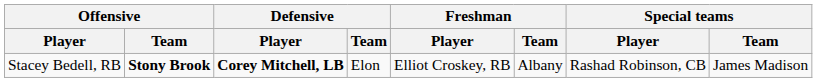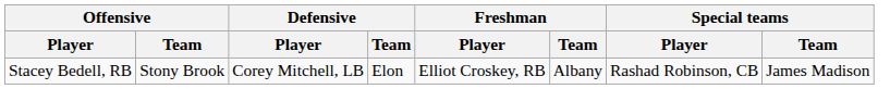 <table class="wikitable" border="1">
 <tr>
 <th colspan="2">Offensive</th>
 <th colspan="2">Defensive</th>
 <th colspan="2">Freshman</th>
 <th colspan="2">Special teams</th>
 </tr>
 <tr>
 <th>Player</th>
 <th>Team</th>
 <th>Player</th>
 <th>Team</th>
 <th>Player</th>
 <th>Team</th>
 <th>Player</th>
 <th>Team</th>
 </tr>
 <tr>
 <td>Stacey Bedell, RB</td>
-<td><strong>Stony Brook</strong></td>
-<td><strong>Corey Mitchell, LB</strong></td>
+<td>Stony Brook</td>
+<td>Corey Mitchell, LB</td>
 <td>Elon</td>
 <td>Elliot Croskey, RB</td>
 <td>Albany</td>
 <td>Rashad Robinson, CB</td>
 <td>James Madison</td>
 </tr>
 </table>
